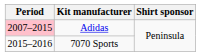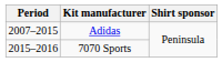 <table class="wikitable" style="text-align:center;margin-left:1em;float:center">
 <tr>
 <th>Period</th>
 <th>Kit manufacturer</th>
 <th>Shirt sponsor</th>
 </tr>
 <tr>
-<td style="background: pink;">2007–2015</td>
+<td>2007–2015</td>
 <td><a href='#'>Adidas</a></td>
 <td rowspan="2">Peninsula</td>
 </tr>
 <tr>
 <td>2015–2016</td>
 <td>7070 Sports</td>
 </tr>
 </table>
